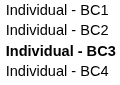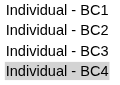 <table>
 <tr>
 <td>Individual - BC1</td>
 <td></td>
 <td></td>
 <td></td>
 </tr>
 <tr>
 <td>Individual - BC2</td>
 <td></td>
 <td></td>
 <td></td>
 </tr>
 <tr>
-<td><strong>Individual - BC3</strong></td>
+<td>Individual - BC3</td>
 <td></td>
 <td></td>
 <td></td>
 </tr>
 <tr>
-<td>Individual - BC4</td>
+<td style="background: lightgrey;">Individual - BC4</td>
 <td></td>
 <td></td>
 <td></td>
 </tr>
 </table>
